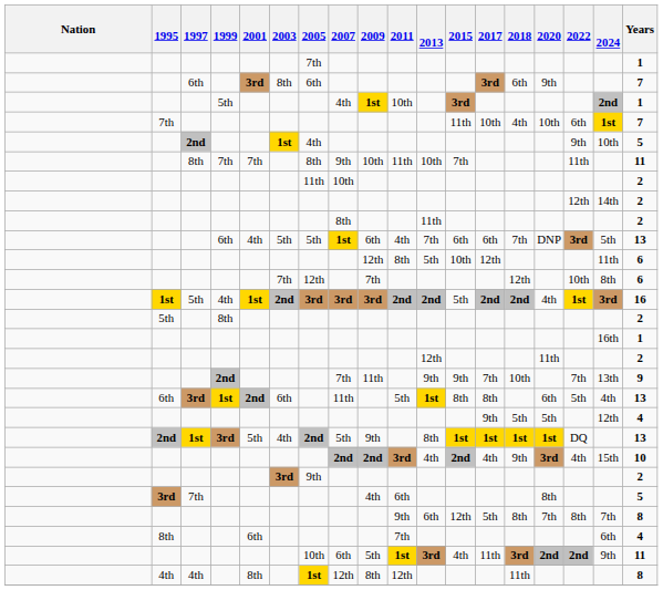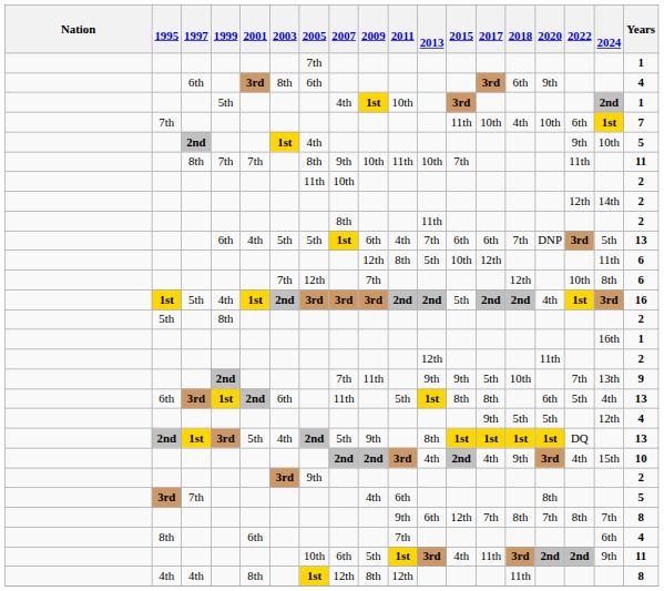 <table class="wikitable" style="text-align:center; font-size:90%">
 <tr>
 <th width=170>Nation</th>
 <th><br><a href='#'>1995</a></th>
 <th><br><a href='#'>1997</a></th>
 <th><br><a href='#'>1999</a></th>
 <th><br><a href='#'>2001</a></th>
 <th><br><a href='#'>2003</a></th>
 <th><br><a href='#'>2005</a></th>
 <th><br><a href='#'>2007</a></th>
 <th><br><a href='#'>2009</a></th>
 <th><br><a href='#'>2011</a></th>
 <th><br><br><a href='#'>2013</a></th>
 <th><br><a href='#'>2015</a></th>
 <th><br><a href='#'>2017</a></th>
 <th><br><a href='#'>2018</a></th>
 <th><br><a href='#'>2020</a></th>
 <th><br><a href='#'>2022</a></th>
 <th><br><br><a href='#'>2024</a></th>
 <th>Years</th>
 </tr>
 <tr>
 <td align=left></td>
 <td></td>
 <td></td>
 <td></td>
 <td></td>
 <td></td>
 <td>7th</td>
 <td></td>
 <td></td>
 <td></td>
 <td></td>
 <td></td>
 <td></td>
 <td></td>
 <td></td>
 <td></td>
 <td></td>
 <td><strong>1</strong></td>
 </tr>
 <tr>
 <td align=left></td>
 <td></td>
 <td>6th</td>
 <td></td>
 <td bgcolor=#cc9966><strong>3rd</strong></td>
 <td>8th</td>
 <td>6th</td>
 <td></td>
 <td></td>
 <td></td>
 <td></td>
 <td></td>
 <td bgcolor=#cc9966><strong>3rd</strong></td>
 <td>6th</td>
 <td>9th</td>
 <td></td>
 <td></td>
-<td><strong>7</strong></td>
+<td><strong>4</strong></td>
 </tr>
 <tr>
 <td align=left></td>
 <td></td>
 <td></td>
 <td>5th</td>
 <td></td>
 <td></td>
 <td></td>
 <td>4th</td>
 <td bgcolor=gold><strong>1st</strong></td>
 <td>10th</td>
 <td></td>
 <td bgcolor=#cc9966><strong>3rd</strong></td>
 <td></td>
 <td></td>
 <td></td>
 <td></td>
 <td bgcolor=silver><strong>2nd</strong></td>
 <td><strong>1</strong></td>
 </tr>
 <tr>
 <td align=left></td>
 <td>7th</td>
 <td></td>
 <td></td>
 <td></td>
 <td></td>
 <td></td>
 <td></td>
 <td></td>
 <td></td>
 <td></td>
 <td>11th</td>
 <td>10th</td>
 <td>4th</td>
 <td>10th</td>
 <td>6th</td>
 <td bgcolor=gold><strong>1st</strong></td>
 <td><strong>7</strong></td>
 </tr>
 <tr>
 <td align=left></td>
 <td></td>
 <td bgcolor=silver><strong>2nd</strong></td>
 <td></td>
 <td></td>
 <td bgcolor=gold><strong>1st</strong></td>
 <td>4th</td>
 <td></td>
 <td></td>
 <td></td>
 <td></td>
 <td></td>
 <td></td>
 <td></td>
 <td></td>
 <td>9th</td>
 <td>10th</td>
 <td><strong>5</strong></td>
 </tr>
 <tr>
 <td align=left></td>
 <td></td>
 <td>8th</td>
 <td>7th</td>
 <td>7th</td>
 <td></td>
 <td>8th</td>
 <td>9th</td>
 <td>10th</td>
 <td>11th</td>
 <td>10th</td>
 <td>7th</td>
 <td></td>
 <td></td>
 <td></td>
 <td>11th</td>
 <td></td>
 <td><strong>11</strong></td>
 </tr>
 <tr>
 <td align=left></td>
 <td></td>
 <td></td>
 <td></td>
 <td></td>
 <td></td>
 <td>11th</td>
 <td>10th</td>
 <td></td>
 <td></td>
 <td></td>
 <td></td>
 <td></td>
 <td></td>
 <td></td>
 <td></td>
 <td></td>
 <td><strong>2</strong></td>
 </tr>
 <tr>
 <td align=left></td>
 <td></td>
 <td></td>
 <td></td>
 <td></td>
 <td></td>
 <td></td>
 <td></td>
 <td></td>
 <td></td>
 <td></td>
 <td></td>
 <td></td>
 <td></td>
 <td></td>
 <td>12th</td>
 <td>14th</td>
 <td><strong>2</strong></td>
 </tr>
 <tr>
 <td align=left></td>
 <td></td>
 <td></td>
 <td></td>
 <td></td>
 <td></td>
 <td></td>
 <td>8th</td>
 <td></td>
 <td></td>
 <td>11th</td>
 <td></td>
 <td></td>
 <td></td>
 <td></td>
 <td></td>
 <td></td>
 <td><strong>2</strong></td>
 </tr>
 <tr>
 <td align=left></td>
 <td></td>
 <td></td>
 <td>6th</td>
 <td>4th</td>
 <td>5th</td>
 <td>5th</td>
 <td bgcolor=gold><strong>1st</strong></td>
 <td>6th</td>
 <td>4th</td>
 <td>7th</td>
 <td>6th</td>
 <td>6th</td>
 <td>7th</td>
 <td>DNP</td>
 <td bgcolor=#cc9966><strong>3rd</strong></td>
 <td>5th</td>
 <td><strong>13</strong></td>
 </tr>
 <tr>
 <td align=left></td>
 <td></td>
 <td></td>
 <td></td>
 <td></td>
 <td></td>
 <td></td>
 <td></td>
 <td>12th</td>
 <td>8th</td>
 <td>5th</td>
 <td>10th</td>
 <td>12th</td>
 <td></td>
 <td></td>
 <td></td>
 <td>11th</td>
 <td><strong>6</strong></td>
 </tr>
 <tr>
 <td align=left></td>
 <td></td>
 <td></td>
 <td></td>
 <td></td>
 <td>7th</td>
 <td>12th</td>
 <td></td>
 <td>7th</td>
 <td></td>
 <td></td>
 <td></td>
 <td></td>
 <td>12th</td>
 <td></td>
 <td>10th</td>
 <td>8th</td>
 <td><strong>6</strong></td>
 </tr>
 <tr>
 <td align=left></td>
 <td bgcolor=gold><strong>1st</strong></td>
 <td>5th</td>
 <td>4th</td>
 <td bgcolor=gold><strong>1st</strong></td>
 <td bgcolor=silver><strong>2nd</strong></td>
 <td bgcolor=#cc9966><strong>3rd</strong></td>
 <td bgcolor=#cc9966><strong>3rd</strong></td>
 <td bgcolor=#cc9966><strong>3rd</strong></td>
 <td bgcolor=silver><strong>2nd</strong></td>
 <td bgcolor=silver><strong>2nd</strong></td>
 <td>5th</td>
 <td bgcolor=silver><strong>2nd</strong></td>
 <td bgcolor=silver><strong>2nd</strong></td>
 <td>4th</td>
 <td bgcolor=gold><strong>1st</strong></td>
 <td bgcolor=#cc9966><strong>3rd</strong></td>
 <td><strong>16</strong></td>
 </tr>
 <tr>
 <td align=left></td>
 <td>5th</td>
 <td></td>
 <td>8th</td>
 <td></td>
 <td></td>
 <td></td>
 <td></td>
 <td></td>
 <td></td>
 <td></td>
 <td></td>
 <td></td>
 <td></td>
 <td></td>
 <td></td>
 <td></td>
 <td><strong>2</strong></td>
 </tr>
 <tr>
 <td align=left></td>
 <td></td>
 <td></td>
 <td></td>
 <td></td>
 <td></td>
 <td></td>
 <td></td>
 <td></td>
 <td></td>
 <td></td>
 <td></td>
 <td></td>
 <td></td>
 <td></td>
 <td></td>
 <td>16th</td>
 <td><strong>1</strong></td>
 </tr>
 <tr>
 <td align=left></td>
 <td></td>
 <td></td>
 <td></td>
 <td></td>
 <td></td>
 <td></td>
 <td></td>
 <td></td>
 <td></td>
 <td>12th</td>
 <td></td>
 <td></td>
 <td></td>
 <td>11th</td>
 <td></td>
 <td></td>
 <td><strong>2</strong></td>
 </tr>
 <tr>
 <td align=left></td>
 <td></td>
 <td></td>
 <td bgcolor=silver><strong>2nd</strong></td>
 <td></td>
 <td></td>
 <td></td>
 <td>7th</td>
 <td>11th</td>
 <td></td>
 <td>9th</td>
 <td>9th</td>
-<td>7th</td>
+<td>5th</td>
 <td>10th</td>
 <td></td>
 <td>7th</td>
 <td>13th</td>
 <td><strong>9</strong></td>
 </tr>
 <tr>
 <td align=left></td>
 <td>6th</td>
 <td bgcolor=#cc9966><strong>3rd</strong></td>
 <td bgcolor=gold><strong>1st</strong></td>
 <td bgcolor=silver><strong>2nd</strong></td>
 <td>6th</td>
 <td></td>
 <td>11th</td>
 <td></td>
 <td>5th</td>
 <td bgcolor=gold><strong>1st</strong></td>
 <td>8th</td>
 <td>8th</td>
 <td></td>
 <td>6th</td>
 <td>5th</td>
 <td>4th</td>
 <td><strong>13</strong></td>
 </tr>
 <tr>
 <td align=left></td>
 <td></td>
 <td></td>
 <td></td>
 <td></td>
 <td></td>
 <td></td>
 <td></td>
 <td></td>
 <td></td>
 <td></td>
 <td></td>
 <td>9th</td>
 <td>5th</td>
 <td>5th</td>
 <td></td>
 <td>12th</td>
 <td><strong>4</strong></td>
 </tr>
 <tr>
 <td align=left></td>
 <td bgcolor=silver><strong>2nd</strong></td>
 <td bgcolor=gold><strong>1st</strong></td>
 <td bgcolor=#cc9966><strong>3rd</strong></td>
 <td>5th</td>
 <td>4th</td>
 <td bgcolor=silver><strong>2nd</strong></td>
 <td>5th</td>
 <td>9th</td>
 <td></td>
 <td>8th</td>
 <td bgcolor=gold><strong>1st</strong></td>
 <td bgcolor=gold><strong>1st</strong></td>
 <td bgcolor=gold><strong>1st</strong></td>
 <td bgcolor=gold><strong>1st</strong></td>
 <td>DQ</td>
 <td></td>
 <td><strong>13</strong></td>
 </tr>
 <tr>
 <td align=left></td>
 <td></td>
 <td></td>
 <td></td>
 <td></td>
 <td></td>
 <td></td>
 <td bgcolor=silver><strong>2nd</strong></td>
 <td bgcolor=silver><strong>2nd</strong></td>
 <td bgcolor=#cc9966><strong>3rd</strong></td>
 <td>4th</td>
 <td bgcolor=silver><strong>2nd</strong></td>
 <td>4th</td>
 <td>9th</td>
 <td bgcolor=#cc9966><strong>3rd</strong></td>
 <td>4th</td>
 <td>15th</td>
 <td><strong>10</strong></td>
 </tr>
 <tr>
 <td align=left></td>
 <td></td>
 <td></td>
 <td></td>
 <td></td>
 <td bgcolor=#cc9966><strong>3rd</strong></td>
 <td>9th</td>
 <td></td>
 <td></td>
 <td></td>
 <td></td>
 <td></td>
 <td></td>
 <td></td>
 <td></td>
 <td></td>
 <td></td>
 <td><strong>2</strong></td>
 </tr>
 <tr>
 <td align=left></td>
 <td bgcolor=#cc9966><strong>3rd</strong></td>
 <td>7th</td>
 <td></td>
 <td></td>
 <td></td>
 <td></td>
 <td></td>
 <td>4th</td>
 <td>6th</td>
 <td></td>
 <td></td>
 <td></td>
 <td></td>
 <td>8th</td>
 <td></td>
 <td></td>
 <td><strong>5</strong></td>
 </tr>
 <tr>
 <td align=left></td>
 <td></td>
 <td></td>
 <td></td>
 <td></td>
 <td></td>
 <td></td>
 <td></td>
 <td></td>
 <td>9th</td>
 <td>6th</td>
 <td>12th</td>
-<td>5th</td>
+<td>7th</td>
 <td>8th</td>
 <td>7th</td>
 <td>8th</td>
 <td>7th</td>
 <td><strong>8</strong></td>
 </tr>
 <tr>
 <td align=left></td>
 <td>8th</td>
 <td></td>
 <td></td>
 <td>6th</td>
 <td></td>
 <td></td>
 <td></td>
 <td></td>
 <td>7th</td>
 <td></td>
 <td></td>
 <td></td>
 <td></td>
 <td></td>
 <td></td>
 <td>6th</td>
 <td><strong>4</strong></td>
 </tr>
 <tr>
 <td align=left></td>
 <td></td>
 <td></td>
 <td></td>
 <td></td>
 <td></td>
 <td>10th</td>
 <td>6th</td>
 <td>5th</td>
 <td bgcolor=gold><strong>1st</strong></td>
 <td bgcolor=#cc9966><strong>3rd</strong></td>
 <td>4th</td>
 <td>11th</td>
 <td bgcolor=#cc9966><strong>3rd</strong></td>
 <td bgcolor=silver><strong>2nd</strong></td>
 <td bgcolor=silver><strong>2nd</strong></td>
 <td>9th</td>
 <td><strong>11</strong></td>
 </tr>
 <tr>
 <td align=left></td>
 <td>4th</td>
 <td>4th</td>
 <td></td>
 <td>8th</td>
 <td></td>
 <td bgcolor=gold><strong>1st</strong></td>
 <td>12th</td>
 <td>8th</td>
 <td>12th</td>
 <td></td>
 <td></td>
 <td></td>
 <td>11th</td>
 <td></td>
 <td></td>
 <td></td>
 <td><strong>8</strong></td>
 </tr>
 <tr>
 </tr>
 </table>
